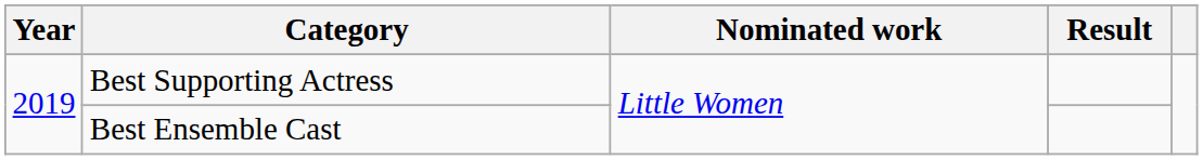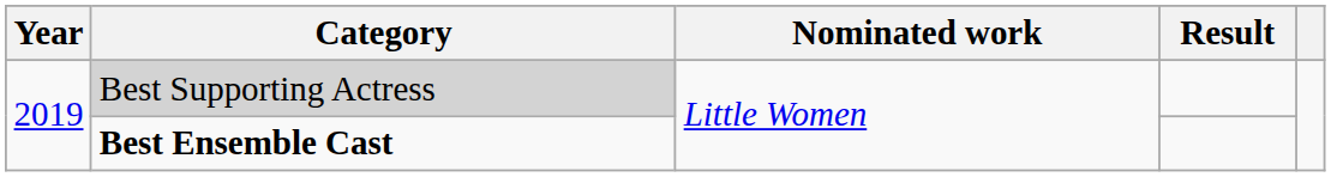 <table class="wikitable sortable">
 <tr>
 <th scope="col" style="width:1em;">Year</th>
 <th scope="col" style="width:39em;">Category</th>
 <th scope="col" style="width:30em;">Nominated work</th>
 <th scope="col" style="width:5em;">Result</th>
 <th scope="col" style="width:1em;"class="unsortable"></th>
 </tr>
 <tr>
 <td rowspan="2"><a href='#'>2019</a></td>
-<td>Best Supporting Actress</td>
+<td style="background: lightgrey;">Best Supporting Actress</td>
 <td rowspan="2"><em><a href='#'>Little Women</a></em></td>
 <td></td>
 <td align="center" rowspan="2"></td>
 </tr>
 <tr>
-<td>Best Ensemble Cast</td>
+<td><strong>Best Ensemble Cast</strong></td>
 <td></td>
 </tr>
 </table>
